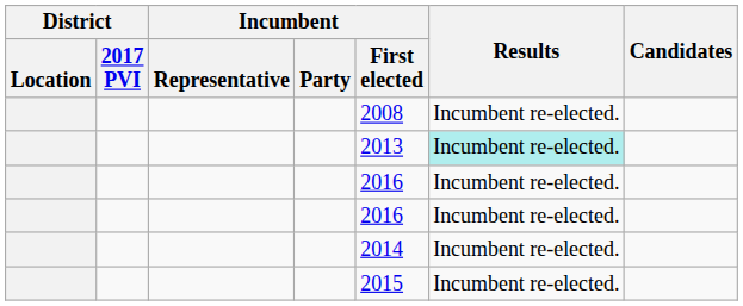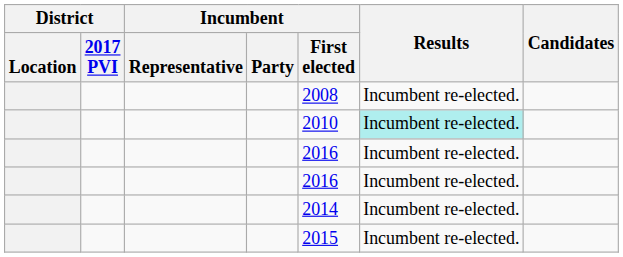 <table class="wikitable sortable">
 <tr>
 <th colspan=2>District</th>
 <th colspan=3>Incumbent</th>
 <th rowspan=2>Results</th>
 <th rowspan=2>Candidates</th>
 </tr>
 <tr valign=bottom>
 <th>Location</th>
 <th><a href='#'>2017<br>PVI</a></th>
 <th>Representative</th>
 <th>Party</th>
 <th>First<br>elected</th>
 </tr>
 <tr>
 <th></th>
 <td></td>
 <td></td>
 <td></td>
 <td><a href='#'>2008 </a></td>
 <td>Incumbent re-elected.</td>
 <td nowrap></td>
 </tr>
 <tr>
 <th></th>
 <td></td>
 <td></td>
 <td></td>
-<td><a href='#'>2013</a></td>
+<td><a href='#'>2010</a></td>
 <td style="background: paleturquoise;">Incumbent re-elected.</td>
 <td nowrap></td>
 </tr>
 <tr>
 <th></th>
 <td></td>
 <td></td>
 <td></td>
 <td><a href='#'>2016</a></td>
 <td>Incumbent re-elected.</td>
 <td nowrap></td>
 </tr>
 <tr>
 <th></th>
 <td></td>
 <td></td>
 <td></td>
 <td><a href='#'>2016</a></td>
 <td>Incumbent re-elected.</td>
 <td nowrap></td>
 </tr>
 <tr>
 <th></th>
 <td></td>
 <td></td>
 <td></td>
 <td><a href='#'>2014</a></td>
 <td>Incumbent re-elected.</td>
 <td nowrap></td>
 </tr>
 <tr>
 <th></th>
 <td></td>
 <td></td>
 <td></td>
 <td><a href='#'>2015</a></td>
 <td>Incumbent re-elected.</td>
 <td nowrap></td>
 </tr>
 </table>
